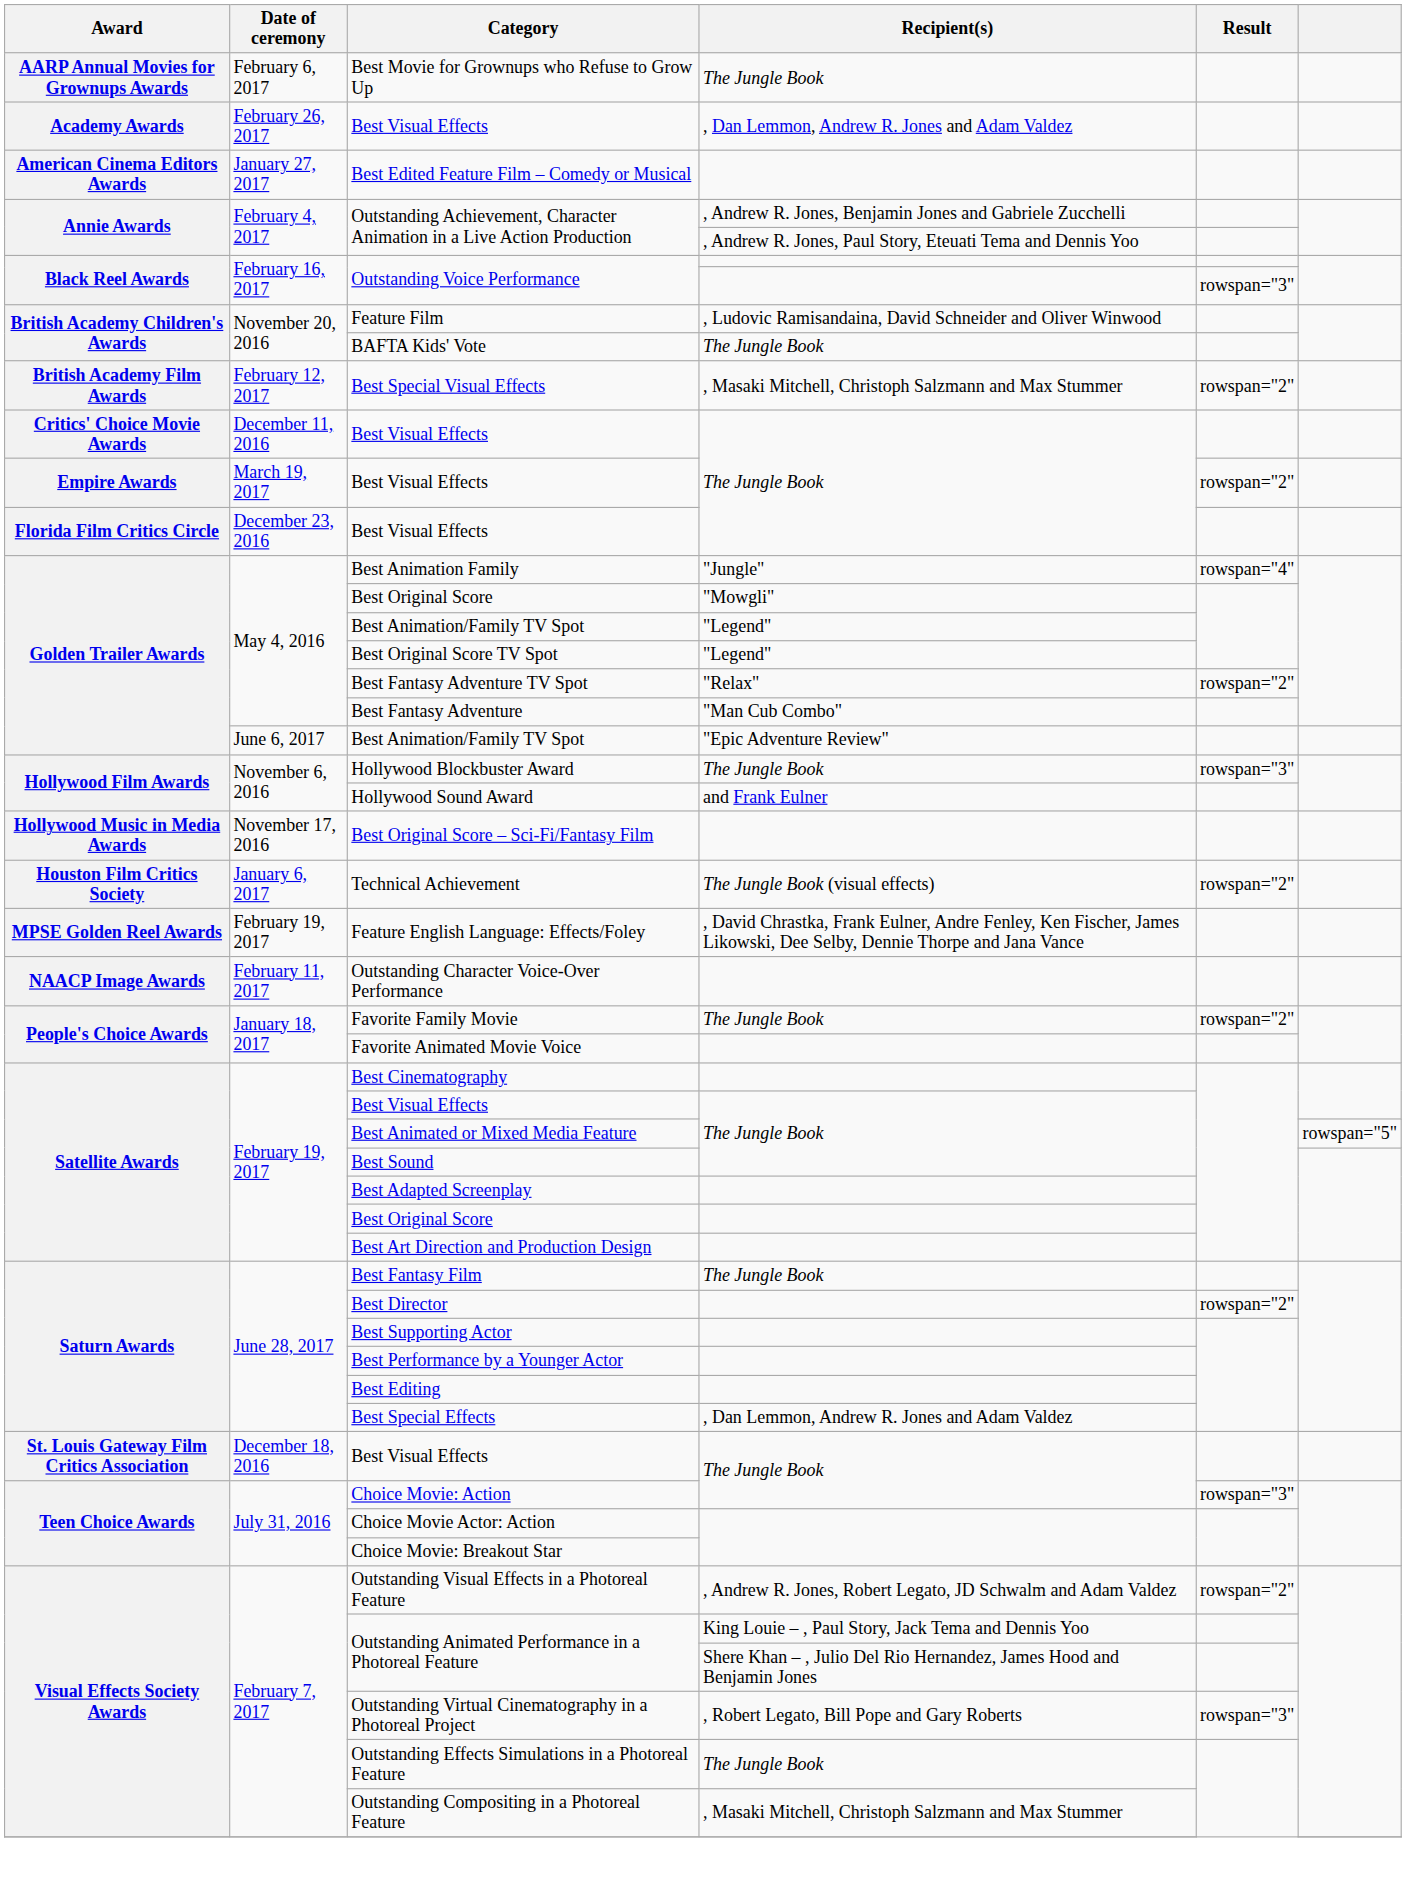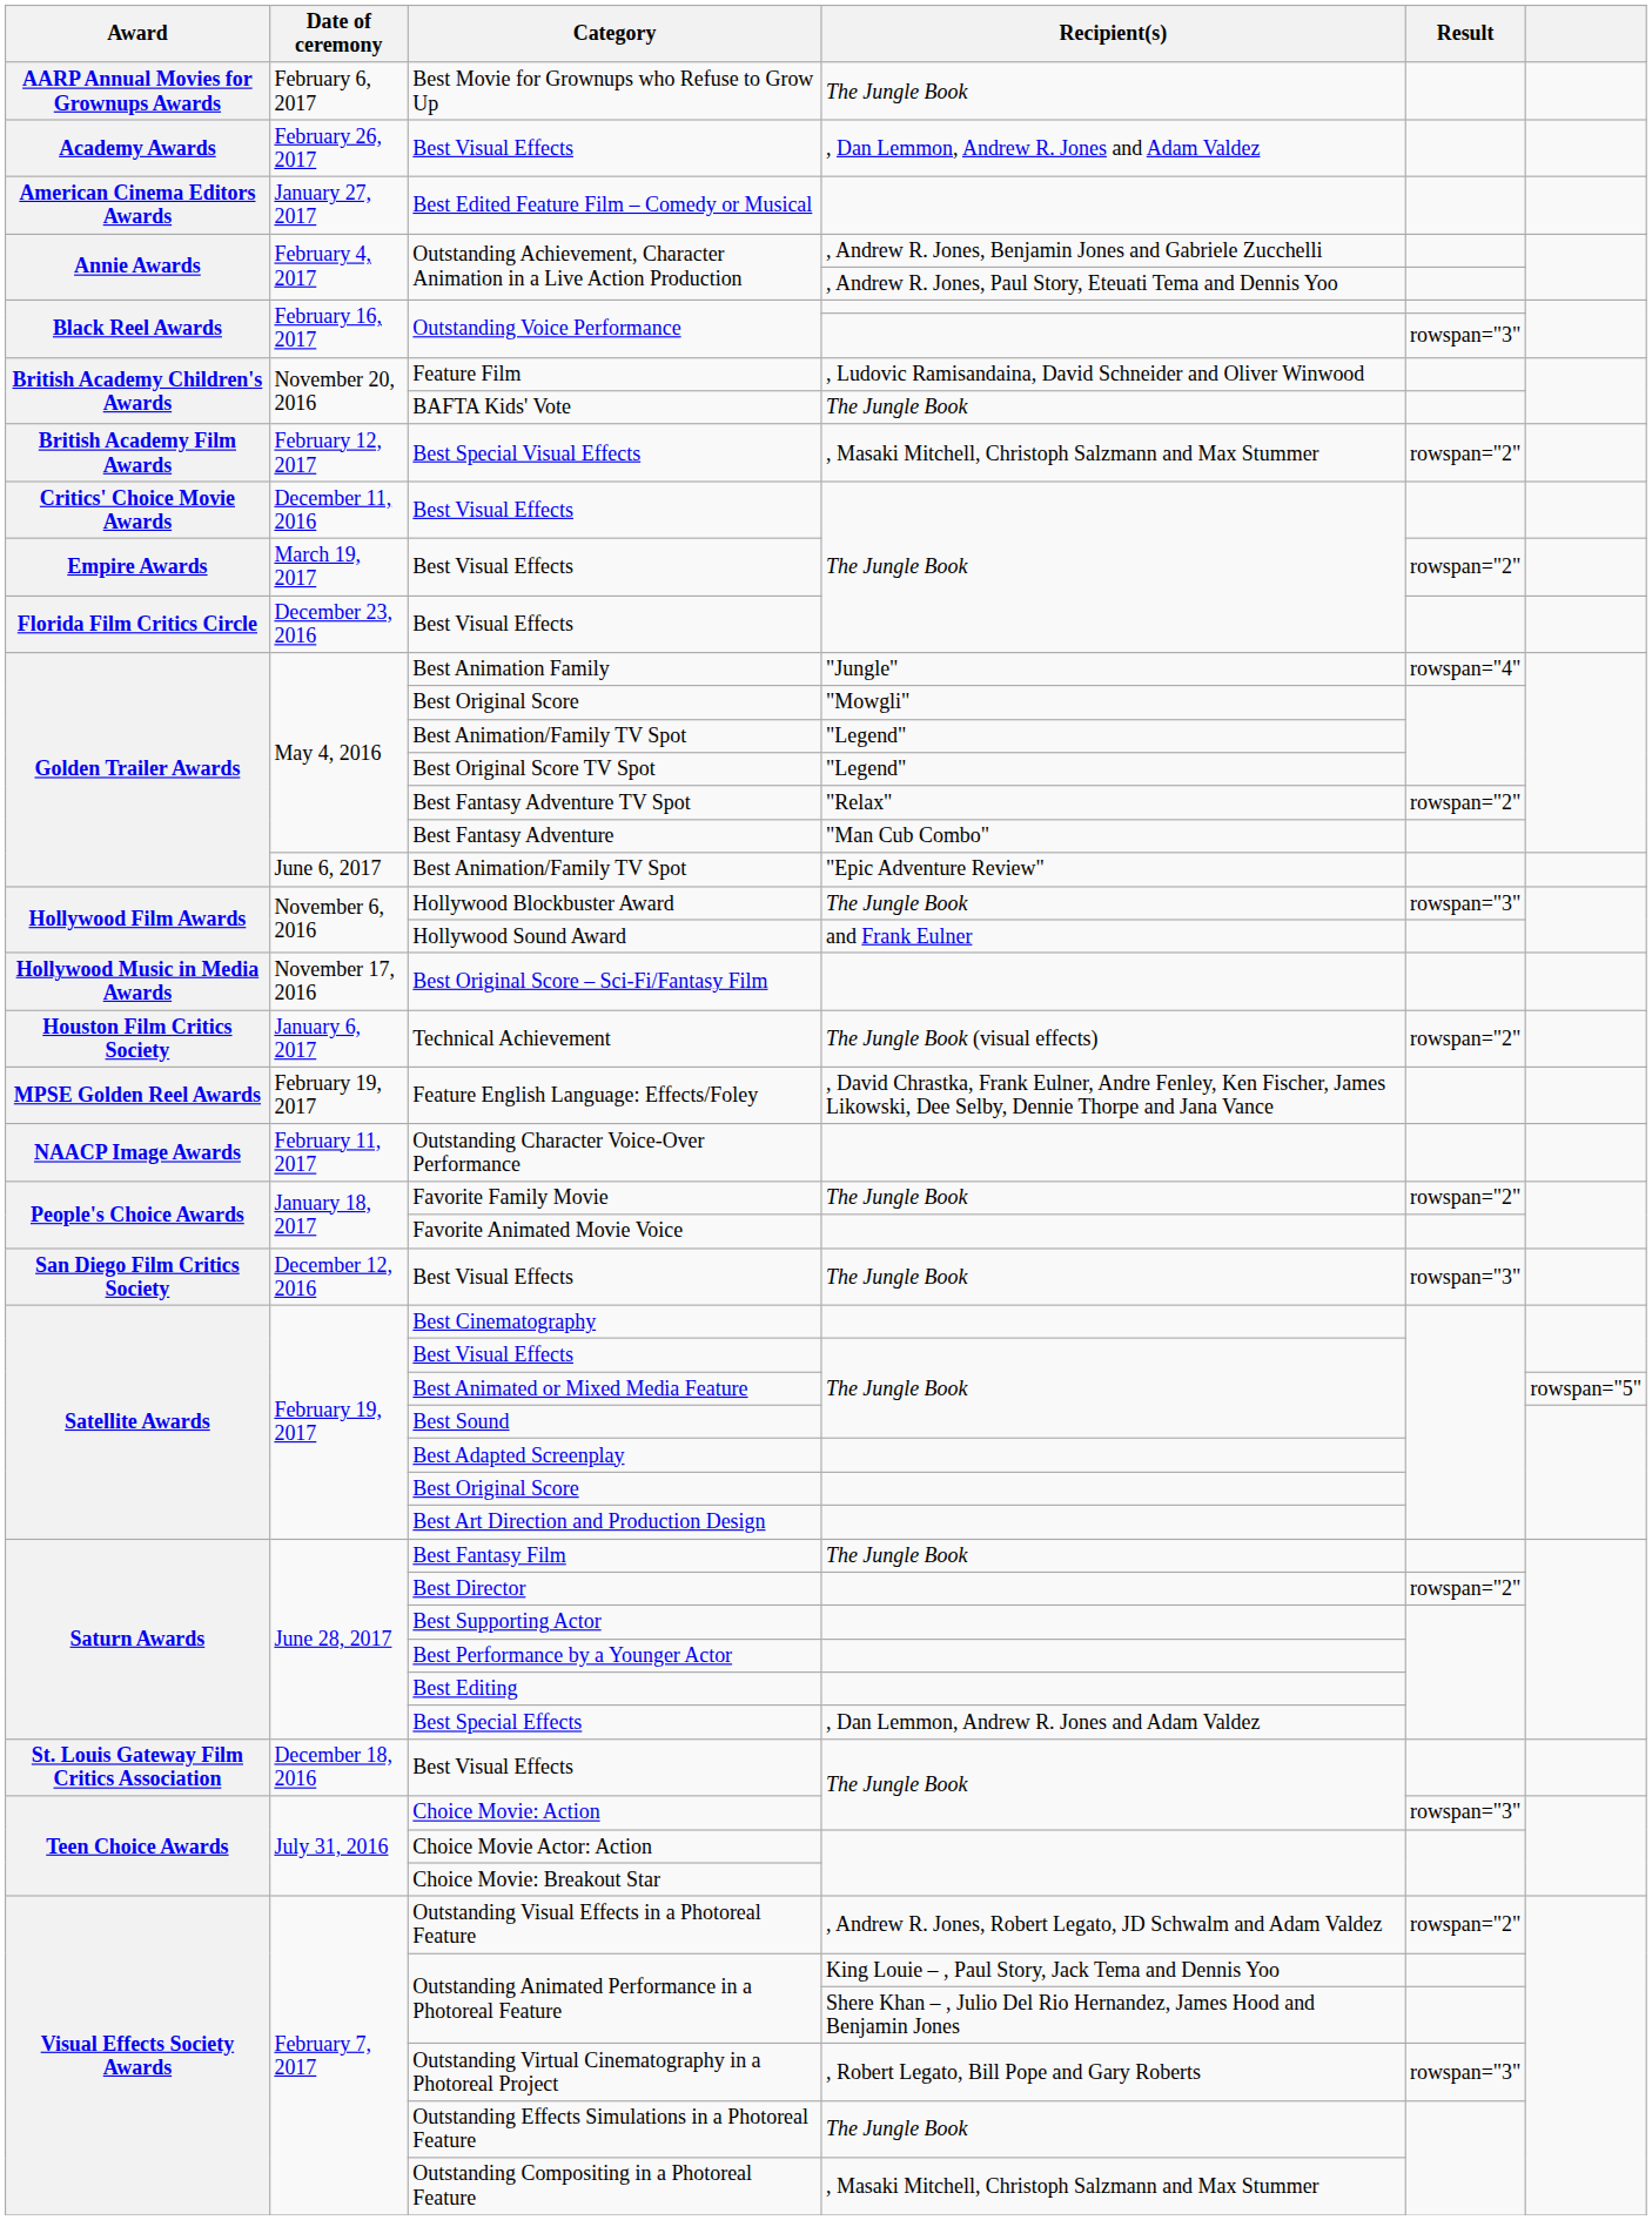 <table class="wikitable plainrowheaders sortable">
 <tr>
 <th scope="col">Award</th>
 <th scope="col">Date of ceremony</th>
 <th scope="col">Category</th>
 <th scope="col">Recipient(s)</th>
 <th scope="col">Result</th>
 <th scope="col" class="unsortable"></th>
 </tr>
 <tr>
 <th scope="row"><a href='#'>AARP Annual Movies for Grownups Awards</a></th>
 <td>February 6, 2017</td>
 <td>Best Movie for Grownups who Refuse to Grow Up</td>
 <td><em>The Jungle Book</em></td>
 <td></td>
 <td style="text-align:center;"></td>
 </tr>
 <tr>
 <th scope="row"><a href='#'>Academy Awards</a></th>
 <td><a href='#'>February 26, 2017</a></td>
 <td><a href='#'>Best Visual Effects</a></td>
 <td>, <a href='#'>Dan Lemmon</a>, <a href='#'>Andrew R. Jones</a> and <a href='#'>Adam Valdez</a></td>
 <td></td>
 <td style="text-align:center;"></td>
 </tr>
 <tr>
 <th scope="row"><a href='#'>American Cinema Editors Awards</a></th>
 <td><a href='#'>January 27, 2017</a></td>
 <td><a href='#'>Best Edited Feature Film – Comedy or Musical</a></td>
 <td></td>
 <td></td>
 <td style="text-align:center;"></td>
 </tr>
 <tr>
 <th scope="row" rowspan="2"><a href='#'>Annie Awards</a></th>
 <td rowspan="2"><a href='#'>February 4, 2017</a></td>
 <td rowspan="2">Outstanding Achievement, Character Animation in a Live Action Production</td>
 <td>, Andrew R. Jones, Benjamin Jones and Gabriele Zucchelli</td>
 <td></td>
 <td rowspan="2" style="text-align:center;"></td>
 </tr>
 <tr>
 <td>, Andrew R. Jones, Paul Story, Eteuati Tema and Dennis Yoo</td>
 <td></td>
 </tr>
 <tr>
 <th scope="row" rowspan="2"><a href='#'>Black Reel Awards</a></th>
 <td rowspan="2"><a href='#'>February 16, 2017</a></td>
 <td rowspan="2"><a href='#'>Outstanding Voice Performance</a></td>
 <td></td>
 <td></td>
 <td rowspan="2" style="text-align:center;"></td>
 </tr>
 <tr>
 <td></td>
 <td>rowspan="3" </td>
 </tr>
 <tr>
 <th scope="row" rowspan="2"><a href='#'>British Academy Children's Awards</a></th>
 <td rowspan="2">November 20, 2016</td>
 <td>Feature Film</td>
 <td>, Ludovic Ramisandaina, David Schneider and Oliver Winwood</td>
 <td style="text-align:center;"><br></td>
 </tr>
 <tr>
 <td>BAFTA Kids' Vote</td>
 <td><em>The Jungle Book</em></td>
 <td style="text-align:center;"></td>
 </tr>
 <tr>
 <th scope="row"><a href='#'>British Academy Film Awards</a></th>
 <td><a href='#'>February 12, 2017</a></td>
 <td><a href='#'>Best Special Visual Effects</a></td>
 <td>, Masaki Mitchell, Christoph Salzmann and Max Stummer</td>
 <td>rowspan="2" </td>
 <td style="text-align:center;"><br></td>
 </tr>
 <tr>
 <th scope="row"><a href='#'>Critics' Choice Movie Awards</a></th>
 <td><a href='#'>December 11, 2016</a></td>
 <td><a href='#'>Best Visual Effects</a></td>
 <td rowspan="3"><em>The Jungle Book</em></td>
 <td style="text-align:center;"></td>
 </tr>
 <tr>
 <th scope="row"><a href='#'>Empire Awards</a></th>
 <td><a href='#'>March 19, 2017</a></td>
 <td>Best Visual Effects</td>
 <td>rowspan="2" </td>
 <td style="text-align:center;"></td>
 </tr>
 <tr>
 <th scope="row"><a href='#'>Florida Film Critics Circle</a></th>
 <td><a href='#'>December 23, 2016</a></td>
 <td>Best Visual Effects</td>
 <td style="text-align:center;"></td>
 </tr>
 <tr>
 <th scope="row" rowspan="7"><a href='#'>Golden Trailer Awards</a></th>
 <td rowspan="6">May 4, 2016</td>
 <td>Best Animation Family</td>
 <td>"Jungle"</td>
 <td>rowspan="4" </td>
 <td rowspan="6" style="text-align:center;"><br></td>
 </tr>
 <tr>
 <td>Best Original Score</td>
 <td>"Mowgli"</td>
 </tr>
 <tr>
 <td>Best Animation/Family TV Spot</td>
 <td>"Legend"</td>
 </tr>
 <tr>
 <td>Best Original Score TV Spot</td>
 <td>"Legend"</td>
 </tr>
 <tr>
 <td>Best Fantasy Adventure TV Spot</td>
 <td>"Relax"</td>
 <td>rowspan="2" </td>
 </tr>
 <tr>
 <td>Best Fantasy Adventure</td>
 <td>"Man Cub Combo"</td>
 </tr>
 <tr>
 <td>June 6, 2017</td>
 <td>Best Animation/Family TV Spot</td>
 <td>"Epic Adventure Review"</td>
 <td></td>
 <td style="text-align:center;"><br></td>
 </tr>
 <tr>
 <th scope="row" rowspan="2"><a href='#'>Hollywood Film Awards</a></th>
 <td rowspan="2">November 6, 2016</td>
 <td>Hollywood Blockbuster Award</td>
 <td><em>The Jungle Book</em></td>
 <td>rowspan="3" </td>
 <td rowspan="2" style="text-align:center;"></td>
 </tr>
 <tr>
 <td>Hollywood Sound Award</td>
 <td> and <a href='#'>Frank Eulner</a></td>
 </tr>
 <tr>
 <th scope="row"><a href='#'>Hollywood Music in Media Awards</a></th>
 <td>November 17, 2016</td>
 <td><a href='#'>Best Original Score – Sci-Fi/Fantasy Film</a></td>
 <td></td>
 <td style="text-align:center;"><br></td>
 </tr>
 <tr>
 <th scope="row"><a href='#'>Houston Film Critics Society</a></th>
 <td><a href='#'>January 6, 2017</a></td>
 <td>Technical Achievement</td>
 <td><em>The Jungle Book</em> (visual effects)</td>
 <td>rowspan="2" </td>
 <td style="text-align:center;"><br></td>
 </tr>
 <tr>
 <th scope="row"><a href='#'>MPSE Golden Reel Awards</a></th>
 <td>February 19, 2017</td>
 <td>Feature English Language: Effects/Foley</td>
 <td>, David Chrastka, Frank Eulner, Andre Fenley, Ken Fischer, James Likowski, Dee Selby, Dennie Thorpe and Jana Vance</td>
 <td style="text-align:center;"></td>
 </tr>
 <tr>
 <th scope="row"><a href='#'>NAACP Image Awards</a></th>
 <td><a href='#'>February 11, 2017</a></td>
 <td>Outstanding Character Voice-Over Performance</td>
 <td></td>
 <td></td>
 <td style="text-align:center;"></td>
 </tr>
 <tr>
 <th scope="row" rowspan="2"><a href='#'>People's Choice Awards</a></th>
 <td rowspan="2"><a href='#'>January 18, 2017</a></td>
 <td>Favorite Family Movie</td>
 <td><em>The Jungle Book</em></td>
 <td>rowspan="2" </td>
 <td rowspan="2" style="text-align:center;"></td>
 </tr>
 <tr>
 <td>Favorite Animated Movie Voice</td>
 <td></td>
 </tr>
 <tr>
+<th scope="row"><a href='#'>San Diego Film Critics Society</a></th>
+<td><a href='#'>December 12, 2016</a></td>
+<td>Best Visual Effects</td>
+<td><em>The Jungle Book</em></td>
+<td>rowspan="3" </td>
+<td style="text-align:center;"><br></td>
+</tr>
+<tr>
 <th scope="row" rowspan="7"><a href='#'>Satellite Awards</a></th>
 <td rowspan="7"><a href='#'>February 19, 2017</a></td>
 <td><a href='#'>Best Cinematography</a></td>
 <td></td>
 <td rowspan="7" style="text-align:center;"></td>
 </tr>
 <tr>
 <td><a href='#'>Best Visual Effects</a></td>
 <td rowspan="3"><em>The Jungle Book</em></td>
 </tr>
 <tr>
 <td><a href='#'>Best Animated or Mixed Media Feature</a></td>
 <td>rowspan="5" </td>
 </tr>
 <tr>
 <td><a href='#'>Best Sound</a></td>
 </tr>
 <tr>
 <td><a href='#'>Best Adapted Screenplay</a></td>
 <td></td>
 </tr>
 <tr>
 <td><a href='#'>Best Original Score</a></td>
 <td></td>
 </tr>
 <tr>
 <td><a href='#'>Best Art Direction and Production Design</a></td>
 <td></td>
 </tr>
 <tr>
 <th scope="row" rowspan="6"><a href='#'>Saturn Awards</a></th>
 <td rowspan="6"><a href='#'>June 28, 2017</a></td>
 <td><a href='#'>Best Fantasy Film</a></td>
 <td><em>The Jungle Book</em></td>
 <td></td>
 <td rowspan="6" style="text-align:center;"><br></td>
 </tr>
 <tr>
 <td><a href='#'>Best Director</a></td>
 <td></td>
 <td>rowspan="2" </td>
 </tr>
 <tr>
 <td><a href='#'>Best Supporting Actor</a></td>
 <td></td>
 </tr>
 <tr>
 <td><a href='#'>Best Performance by a Younger Actor</a></td>
 <td></td>
 </tr>
 <tr>
 <td><a href='#'>Best Editing</a></td>
 <td></td>
 </tr>
 <tr>
 <td><a href='#'>Best Special Effects</a></td>
 <td>, Dan Lemmon, Andrew R. Jones and Adam Valdez</td>
 </tr>
 <tr>
 <th scope="row"><a href='#'>St. Louis Gateway Film Critics Association</a></th>
 <td><a href='#'>December 18, 2016</a></td>
 <td>Best Visual Effects</td>
 <td rowspan="2"><em>The Jungle Book</em></td>
 <td></td>
 <td style="text-align:center;"></td>
 </tr>
 <tr>
 <th scope="row" rowspan="3"><a href='#'>Teen Choice Awards</a></th>
 <td rowspan="3"><a href='#'>July 31, 2016</a></td>
 <td><a href='#'>Choice Movie: Action</a></td>
 <td>rowspan="3" </td>
 <td rowspan="3" style="text-align:center;"></td>
 </tr>
 <tr>
 <td>Choice Movie Actor: Action</td>
 <td rowspan="2"></td>
 </tr>
 <tr>
 <td>Choice Movie: Breakout Star</td>
 </tr>
 <tr>
 <th scope="row" rowspan="6"><a href='#'>Visual Effects Society Awards</a></th>
 <td rowspan="6"><a href='#'>February 7, 2017</a></td>
 <td>Outstanding Visual Effects in a Photoreal Feature</td>
 <td>, Andrew R. Jones, Robert Legato, JD Schwalm and Adam Valdez</td>
 <td>rowspan="2" </td>
 <td rowspan="6" style="text-align:center;"></td>
 </tr>
 <tr>
 <td rowspan="2">Outstanding Animated Performance in a Photoreal Feature</td>
 <td>King Louie – , Paul Story, Jack Tema and Dennis Yoo</td>
 </tr>
 <tr>
 <td>Shere Khan – , Julio Del Rio Hernandez, James Hood and Benjamin Jones</td>
 <td></td>
 </tr>
 <tr>
 <td>Outstanding Virtual Cinematography in a Photoreal Project</td>
 <td>, Robert Legato, Bill Pope and Gary Roberts</td>
 <td>rowspan="3" </td>
 </tr>
 <tr>
 <td>Outstanding Effects Simulations in a Photoreal Feature</td>
 <td><em>The Jungle Book</em></td>
 </tr>
 <tr>
 <td>Outstanding Compositing in a Photoreal Feature</td>
 <td>, Masaki Mitchell, Christoph Salzmann and Max Stummer</td>
 </tr>
 <tr>
 </tr>
 </table>
